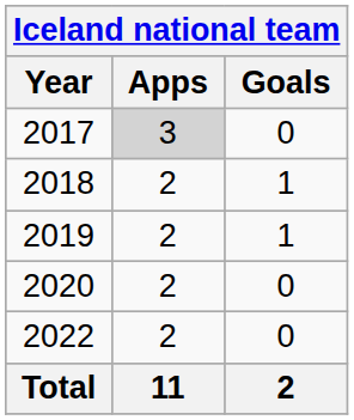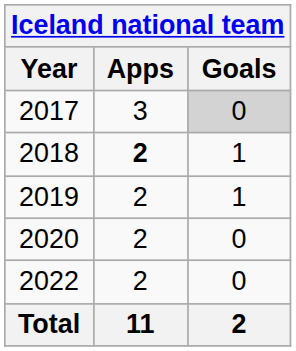 <table class="wikitable" style="text-align:center">
 <tr>
 <th colspan=3><a href='#'>Iceland national team</a></th>
 </tr>
 <tr>
 <th>Year</th>
 <th>Apps</th>
 <th>Goals</th>
 </tr>
 <tr>
 <td>2017</td>
-<td style="background: lightgrey;">3</td>
-<td>0</td>
+<td>3</td>
+<td style="background: lightgrey;">0</td>
 </tr>
 <tr>
 <td>2018</td>
-<td>2</td>
+<td><strong>2</strong></td>
 <td>1</td>
 </tr>
 <tr>
 <td>2019</td>
 <td>2</td>
 <td>1</td>
 </tr>
 <tr>
 <td>2020</td>
 <td>2</td>
 <td>0</td>
 </tr>
 <tr>
 <td>2022</td>
 <td>2</td>
 <td>0</td>
 </tr>
 <tr>
 <th>Total</th>
 <th>11</th>
 <th>2</th>
 </tr>
 </table>
